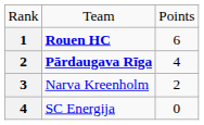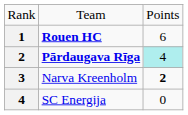 <table class="wikitable" style="text-align: center;">
 <tr>
 <td>Rank</td>
 <td>Team</td>
 <td>Points</td>
 </tr>
 <tr>
 <th>1</th>
 <td style="text-align: left;"> <strong><a href='#'>Rouen HC</a></strong></td>
 <td>6</td>
 </tr>
 <tr>
 <th>2</th>
 <td style="text-align: left;"> <strong><a href='#'>Pārdaugava Rīga</a></strong></td>
-<td>4</td>
+<td style="background: paleturquoise;">4</td>
 </tr>
 <tr>
 <th>3</th>
 <td style="text-align: left;"> <a href='#'>Narva Kreenholm</a></td>
-<td>2</td>
+<td><strong>2</strong></td>
 </tr>
 <tr>
 <th>4</th>
 <td style="text-align: left;"> <a href='#'>SC Energija</a></td>
 <td>0</td>
 </tr>
 </table>
